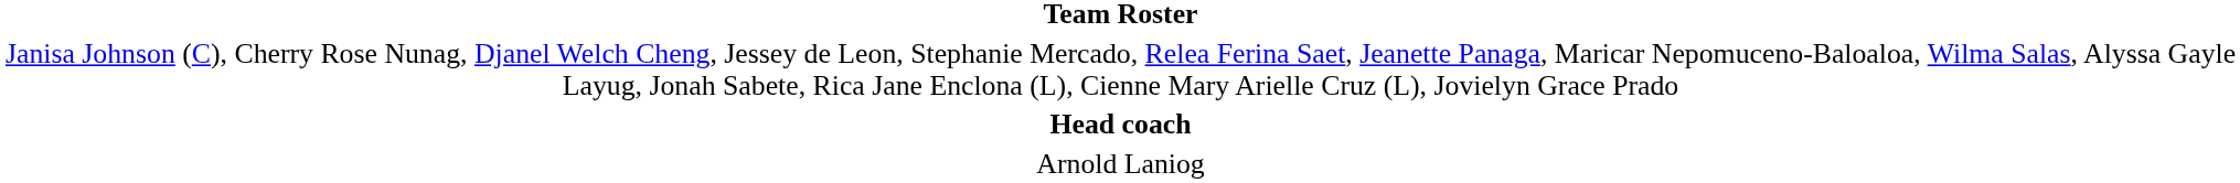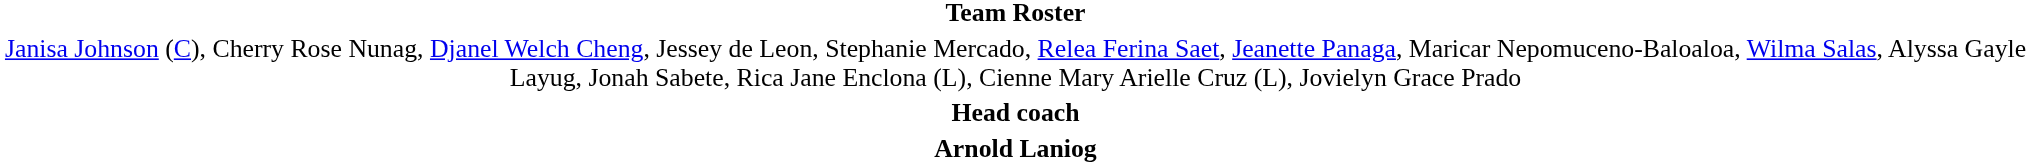 <table style="text-align:center; margin-top:2em; margin-left:auto; margin-right:auto">
 <tr>
 <td><strong>Team Roster</strong></td>
 </tr>
 <tr>
 <td><a href='#'>Janisa Johnson</a> (<a href='#'>C</a>), Cherry Rose Nunag, <a href='#'>Djanel Welch Cheng</a>, Jessey de Leon, Stephanie Mercado, <a href='#'>Relea Ferina Saet</a>, <a href='#'>Jeanette Panaga</a>, Maricar Nepomuceno-Baloaloa, <a href='#'>Wilma Salas</a>, Alyssa Gayle Layug, Jonah Sabete, Rica Jane Enclona (L), Cienne Mary Arielle Cruz (L), Jovielyn Grace Prado</td>
 </tr>
 <tr>
 <td><strong>Head coach</strong></td>
 </tr>
 <tr>
-<td>Arnold Laniog</td>
+<td><strong>Arnold Laniog</strong></td>
 </tr>
 </table>
